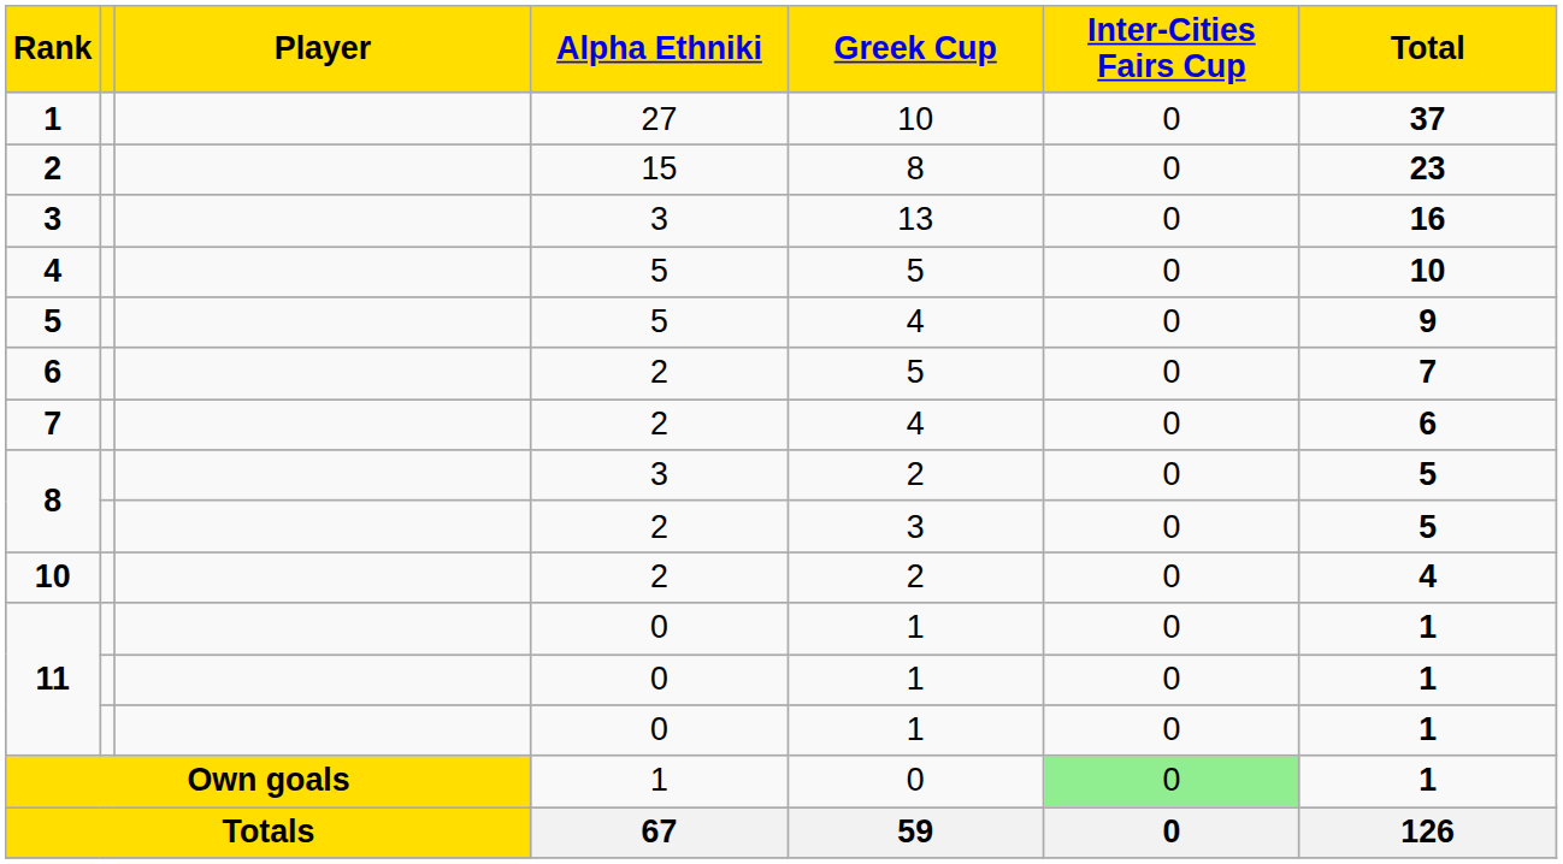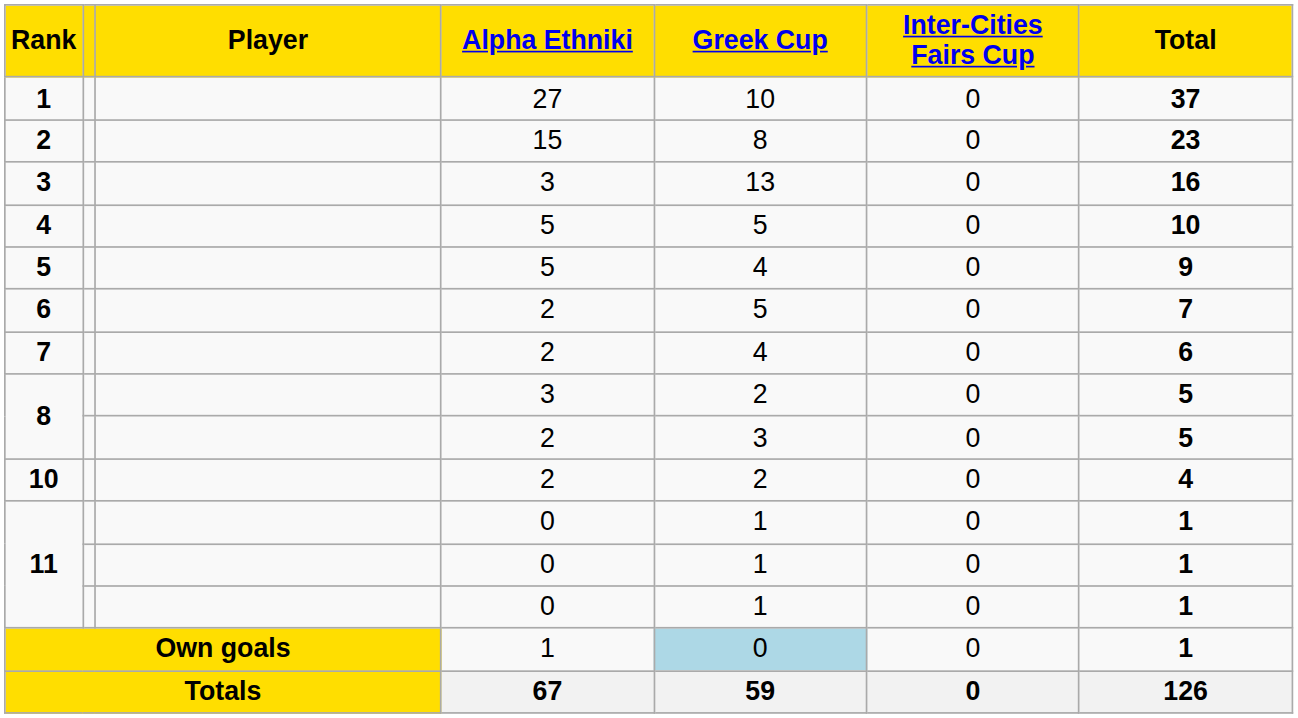 <table class="wikitable sortable" style="text-align: center">
 <tr>
 <th style="background:#FFDE00">Rank</th>
 <th style="background:#FFDE00"></th>
 <th width=200 style="background:#FFDE00">Player</th>
 <th width=120 style="background:#FFDE00"><a href='#'>Alpha Ethniki</a></th>
 <th width=120 style="background:#FFDE00"><a href='#'>Greek Cup</a></th>
 <th width=120 style="background:#FFDE00"><a href='#'>Inter-Cities Fairs Cup</a></th>
 <th width=120 style="background:#FFDE00">Total</th>
 </tr>
 <tr>
 <td><strong>1</strong></td>
 <td></td>
 <td align=left></td>
 <td>27</td>
 <td>10</td>
 <td>0</td>
 <td><strong>37</strong></td>
 </tr>
 <tr>
 <td><strong>2</strong></td>
 <td></td>
 <td align=left></td>
 <td>15</td>
 <td>8</td>
 <td>0</td>
 <td><strong>23</strong></td>
 </tr>
 <tr>
 <td><strong>3</strong></td>
 <td></td>
 <td align=left></td>
 <td>3</td>
 <td>13</td>
 <td>0</td>
 <td><strong>16</strong></td>
 </tr>
 <tr>
 <td><strong>4</strong></td>
 <td></td>
 <td align=left></td>
 <td>5</td>
 <td>5</td>
 <td>0</td>
 <td><strong>10</strong></td>
 </tr>
 <tr>
 <td><strong>5</strong></td>
 <td></td>
 <td align=left></td>
 <td>5</td>
 <td>4</td>
 <td>0</td>
 <td><strong>9</strong></td>
 </tr>
 <tr>
 <td><strong>6</strong></td>
 <td></td>
 <td align=left></td>
 <td>2</td>
 <td>5</td>
 <td>0</td>
 <td><strong>7</strong></td>
 </tr>
 <tr>
 <td><strong>7</strong></td>
 <td></td>
 <td align=left></td>
 <td>2</td>
 <td>4</td>
 <td>0</td>
 <td><strong>6</strong></td>
 </tr>
 <tr>
 <td rowspan=2><strong>8</strong></td>
 <td></td>
 <td align=left></td>
 <td>3</td>
 <td>2</td>
 <td>0</td>
 <td><strong>5</strong></td>
 </tr>
 <tr>
 <td></td>
 <td align=left></td>
 <td>2</td>
 <td>3</td>
 <td>0</td>
 <td><strong>5</strong></td>
 </tr>
 <tr>
 <td><strong>10</strong></td>
 <td></td>
 <td align=left></td>
 <td>2</td>
 <td>2</td>
 <td>0</td>
 <td><strong>4</strong></td>
 </tr>
 <tr>
 <td rowspan=3><strong>11</strong></td>
 <td></td>
 <td align=left></td>
 <td>0</td>
 <td>1</td>
 <td>0</td>
 <td><strong>1</strong></td>
 </tr>
 <tr>
 <td></td>
 <td align=left></td>
 <td>0</td>
 <td>1</td>
 <td>0</td>
 <td><strong>1</strong></td>
 </tr>
 <tr>
 <td></td>
 <td align=left></td>
 <td>0</td>
 <td>1</td>
 <td>0</td>
 <td><strong>1</strong></td>
 </tr>
 <tr class="sortbottom">
 <td colspan=3 style="background:#FFDE00"><strong>Own goals</strong></td>
 <td>1</td>
+<td style="background: lightblue;">0</td>
 <td>0</td>
-<td style="background: lightgreen;">0</td>
 <td><strong>1</strong></td>
 </tr>
 <tr class="sortbottom">
 <th colspan=3 style="background:#FFDE00"><strong>Totals</strong></th>
 <th><strong> 67</strong></th>
 <th><strong> 59</strong></th>
 <th><strong>  0</strong></th>
 <th><strong>126</strong></th>
 </tr>
 </table>
